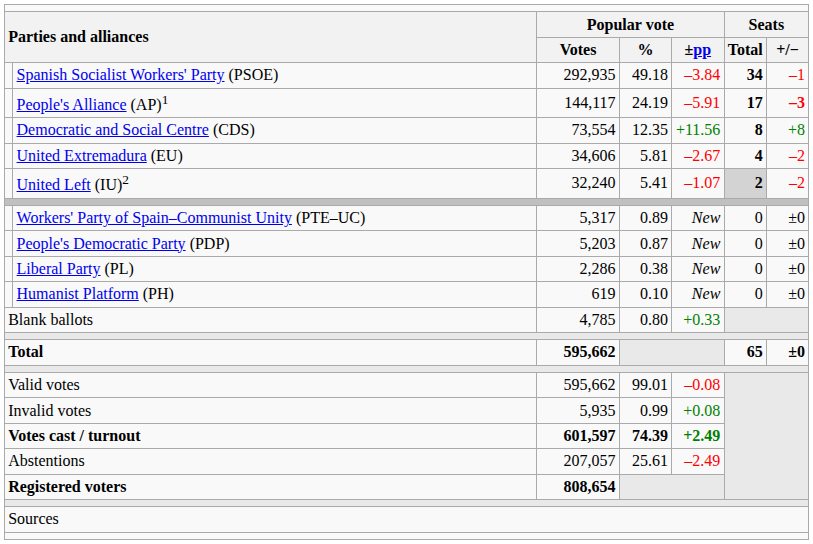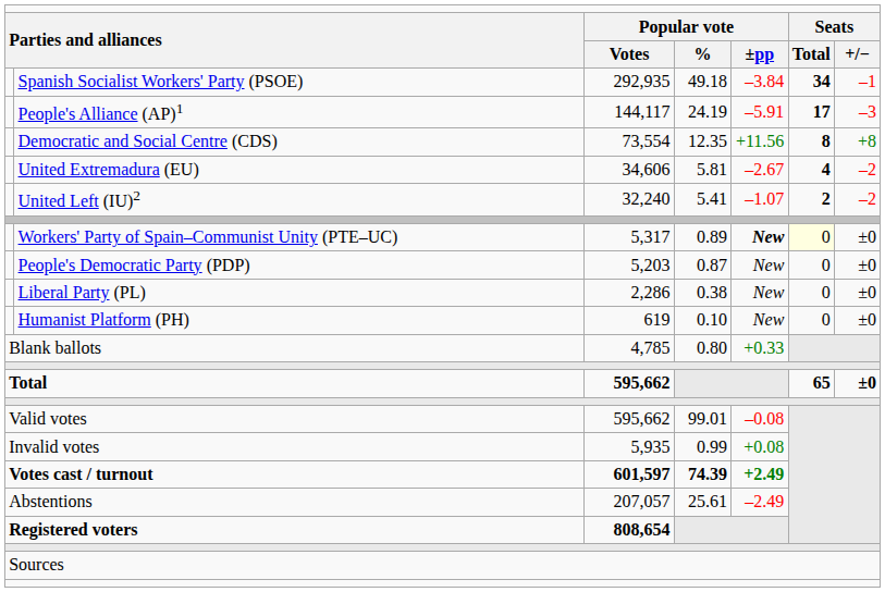 <table class="wikitable" style="text-align:right;">
 <tr>
 <td colspan="7"></td>
 </tr>
 <tr>
 <th style="text-align:left;" rowspan="2" colspan="2" width="525">Parties and alliances</th>
 <th colspan="3">Popular vote</th>
 <th colspan="2">Seats</th>
 </tr>
 <tr>
 <th width="75">Votes</th>
 <th width="45">%</th>
 <th width="45">±<a href='#'>pp</a></th>
 <th width="35">Total</th>
 <th width="35">+/−</th>
 </tr>
 <tr>
 <td width="1" style="color:inherit;background:"></td>
 <td align="left"><a href='#'>Spanish Socialist Workers' Party</a> (PSOE)</td>
 <td>292,935</td>
 <td>49.18</td>
 <td style="color:red;">–3.84</td>
 <td><strong>34</strong></td>
 <td style="color:red;">–1</td>
 </tr>
 <tr>
 <td style="color:inherit;background:"></td>
 <td align="left"><a href='#'>People's Alliance</a> (AP)<sup>1</sup></td>
 <td>144,117</td>
 <td>24.19</td>
 <td style="color:red;">–5.91</td>
 <td><strong>17</strong></td>
-<td style="color:red;"><strong>–3</strong></td>
+<td style="color:red;">–3</td>
 </tr>
 <tr>
 <td style="color:inherit;background:"></td>
 <td align="left"><a href='#'>Democratic and Social Centre</a> (CDS)</td>
 <td>73,554</td>
 <td>12.35</td>
 <td style="color:green;">+11.56</td>
 <td><strong>8</strong></td>
 <td style="color:green;">+8</td>
 </tr>
 <tr>
 <td style="color:inherit;background:"></td>
 <td align="left"><a href='#'>United Extremadura</a> (EU)</td>
 <td>34,606</td>
 <td>5.81</td>
 <td style="color:red;">–2.67</td>
 <td><strong>4</strong></td>
 <td style="color:red;">–2</td>
 </tr>
 <tr>
 <td style="color:inherit;background:"></td>
 <td align="left"><a href='#'>United Left</a> (IU)<sup>2</sup></td>
 <td>32,240</td>
 <td>5.41</td>
 <td style="color:red;">–1.07</td>
-<td style="background: lightgrey;"><strong>2</strong></td>
+<td><strong>2</strong></td>
 <td style="color:red;">–2</td>
 </tr>
 <tr>
 <td colspan="7" bgcolor="#C0C0C0"></td>
 </tr>
 <tr>
 <td style="color:inherit;background:"></td>
 <td align="left"><a href='#'>Workers' Party of Spain–Communist Unity</a> (PTE–UC)</td>
 <td>5,317</td>
 <td>0.89</td>
-<td><em>New</em></td>
-<td>0</td>
+<td><strong><em>New</em></strong></td>
+<td style="background: lightyellow;">0</td>
 <td>±0</td>
 </tr>
 <tr>
 <td style="color:inherit;background:"></td>
 <td align="left"><a href='#'>People's Democratic Party</a> (PDP)</td>
 <td>5,203</td>
 <td>0.87</td>
 <td><em>New</em></td>
 <td>0</td>
 <td>±0</td>
 </tr>
 <tr>
 <td style="color:inherit;background:"></td>
 <td align="left"><a href='#'>Liberal Party</a> (PL)</td>
 <td>2,286</td>
 <td>0.38</td>
 <td><em>New</em></td>
 <td>0</td>
 <td>±0</td>
 </tr>
 <tr>
 <td style="color:inherit;background:"></td>
 <td align="left"><a href='#'>Humanist Platform</a> (PH)</td>
 <td>619</td>
 <td>0.10</td>
 <td><em>New</em></td>
 <td>0</td>
 <td>±0</td>
 </tr>
 <tr>
 <td align="left" colspan="2">Blank ballots</td>
 <td>4,785</td>
 <td>0.80</td>
 <td style="color:green;">+0.33</td>
 <td bgcolor="#E9E9E9" colspan="2"></td>
 </tr>
 <tr>
 <td colspan="7" bgcolor="#E9E9E9"></td>
 </tr>
 <tr style="font-weight:bold;">
 <td align="left" colspan="2">Total</td>
 <td>595,662</td>
 <td bgcolor="#E9E9E9" colspan="2"></td>
 <td>65</td>
 <td>±0</td>
 </tr>
 <tr>
 <td colspan="7" bgcolor="#E9E9E9"></td>
 </tr>
 <tr>
 <td align="left" colspan="2">Valid votes</td>
 <td>595,662</td>
 <td>99.01</td>
 <td style="color:red;">–0.08</td>
 <td bgcolor="#E9E9E9" colspan="2" rowspan="5"></td>
 </tr>
 <tr>
 <td align="left" colspan="2">Invalid votes</td>
 <td>5,935</td>
 <td>0.99</td>
 <td style="color:green;">+0.08</td>
 </tr>
 <tr style="font-weight:bold;">
 <td align="left" colspan="2">Votes cast / turnout</td>
 <td>601,597</td>
 <td>74.39</td>
 <td style="color:green;">+2.49</td>
 </tr>
 <tr>
 <td align="left" colspan="2">Abstentions</td>
 <td>207,057</td>
 <td>25.61</td>
 <td style="color:red;">–2.49</td>
 </tr>
 <tr style="font-weight:bold;">
 <td align="left" colspan="2">Registered voters</td>
 <td>808,654</td>
 <td bgcolor="#E9E9E9" colspan="2"></td>
 </tr>
 <tr>
 <td colspan="7" bgcolor="#E9E9E9"></td>
 </tr>
 <tr>
 <td align="left" colspan="7">Sources</td>
 </tr>
 <tr>
 <td colspan="7" style="text-align:left; max-width:790px;"></td>
 </tr>
 </table>
